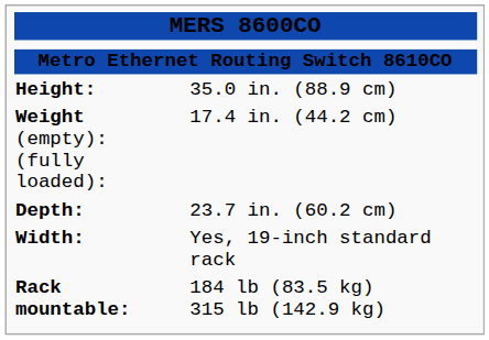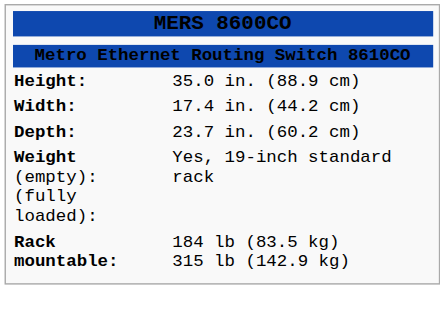 <table class="infobox" style="width: 25em; font-size: 95%;">
 <tr ! colspan="2" bgcolor="#0E48AF">
 <td align="center" colspan="2" style="font-size: larger;"><span><strong>MERS 8600CO</strong></span></td>
 </tr>
 <tr>
 <td align="center" colspan="2"></td>
 </tr>
 <tr>
 <th colspan="2" bgcolor="#0E48AF"><span><strong>Metro Ethernet Routing Switch 8610CO</strong></span></th>
 </tr>
 <tr style="vertical-align: top;">
 <td><strong>Height:</strong></td>
 <td>35.0 in. (88.9 cm)</td>
 </tr>
 <tr>
-<td><strong>Weight</strong> (empty):<br>(fully loaded):</td>
+<td><strong>Width:</strong></td>
 <td>17.4 in. (44.2 cm)</td>
 </tr>
 <tr>
 <td><strong>Depth:</strong></td>
 <td>23.7 in. (60.2 cm)</td>
 </tr>
 <tr>
-<td><strong>Width:</strong></td>
+<td><strong>Weight</strong> (empty):<br>(fully loaded):</td>
 <td>Yes, 19-inch standard rack</td>
 </tr>
 <tr>
 <td><strong>Rack mountable:</strong></td>
 <td>184 lb (83.5 kg)<br>315 lb (142.9 kg)</td>
 </tr>
 <tr>
 </tr>
 </table>
